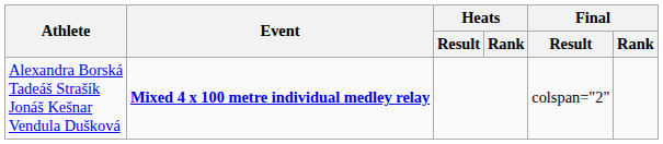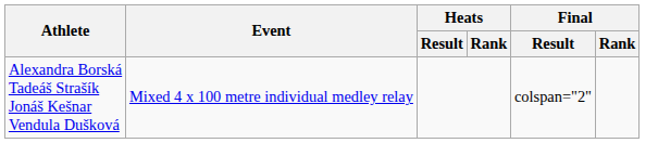 <table class=wikitable style="font-size:90%">
 <tr>
 <th rowspan="2">Athlete</th>
 <th rowspan="2">Event</th>
 <th colspan="2">Heats</th>
 <th colspan="2">Final</th>
 </tr>
 <tr>
 <th>Result</th>
 <th>Rank</th>
 <th>Result</th>
 <th>Rank</th>
 </tr>
 <tr align=center>
 <td align=left rowspan=1><a href='#'>Alexandra Borská</a><br><a href='#'>Tadeáš Strašík</a><br><a href='#'>Jonáš Kešnar</a><br><a href='#'>Vendula Dušková</a></td>
-<td align=left><strong><a href='#'>Mixed 4 x 100 metre individual medley relay</a></strong></td>
+<td align=left><a href='#'>Mixed 4 x 100 metre individual medley relay</a></td>
 <td colspan="2"></td>
 <td>colspan="2" </td>
 </tr>
 <tr align=center>
 </tr>
 </table>
